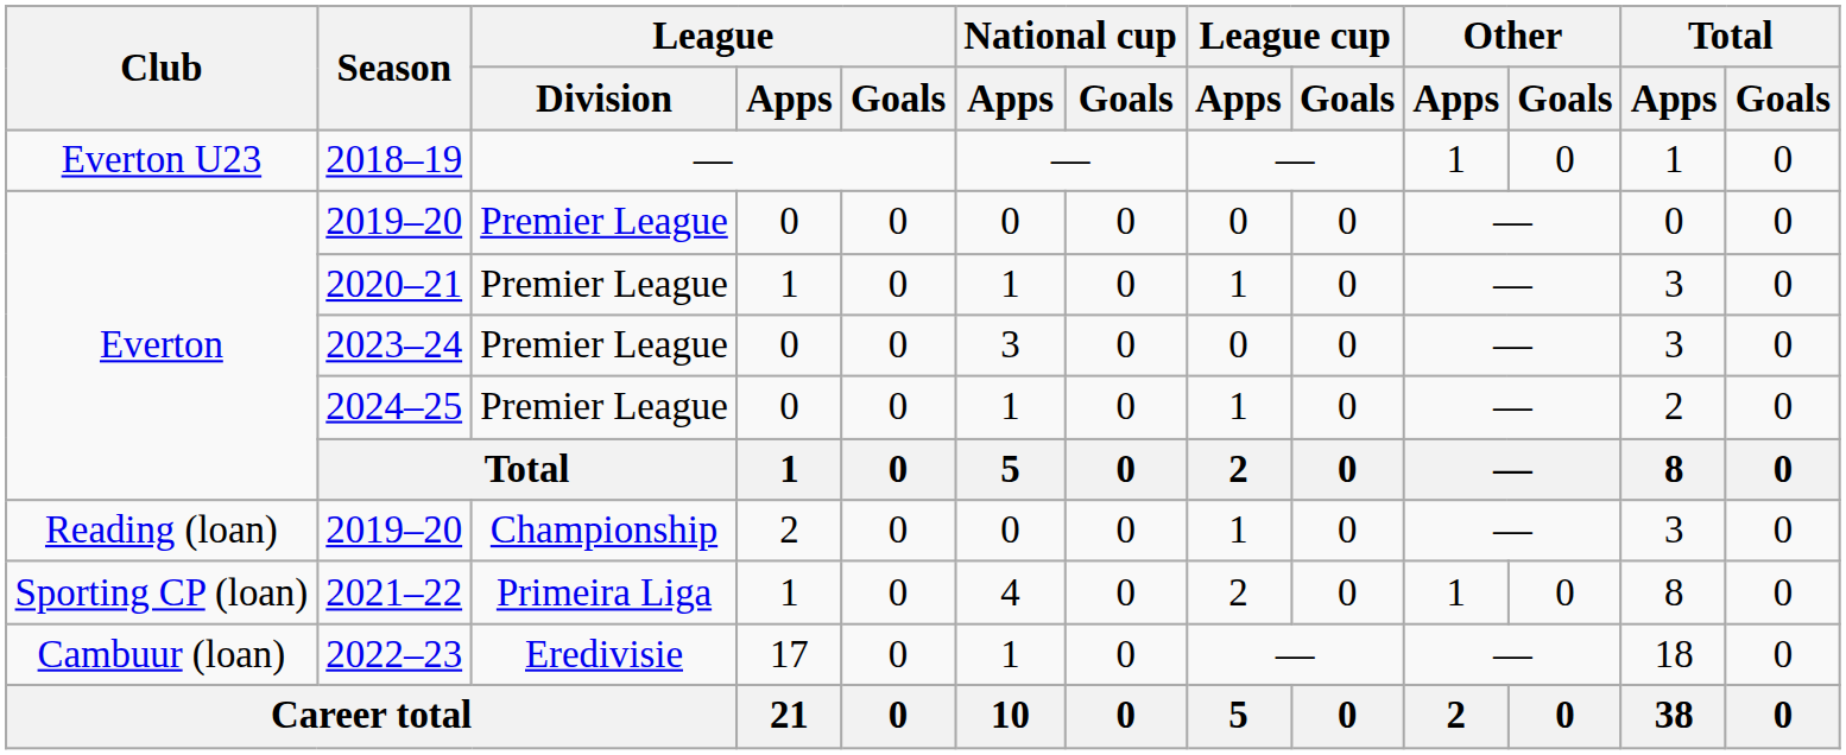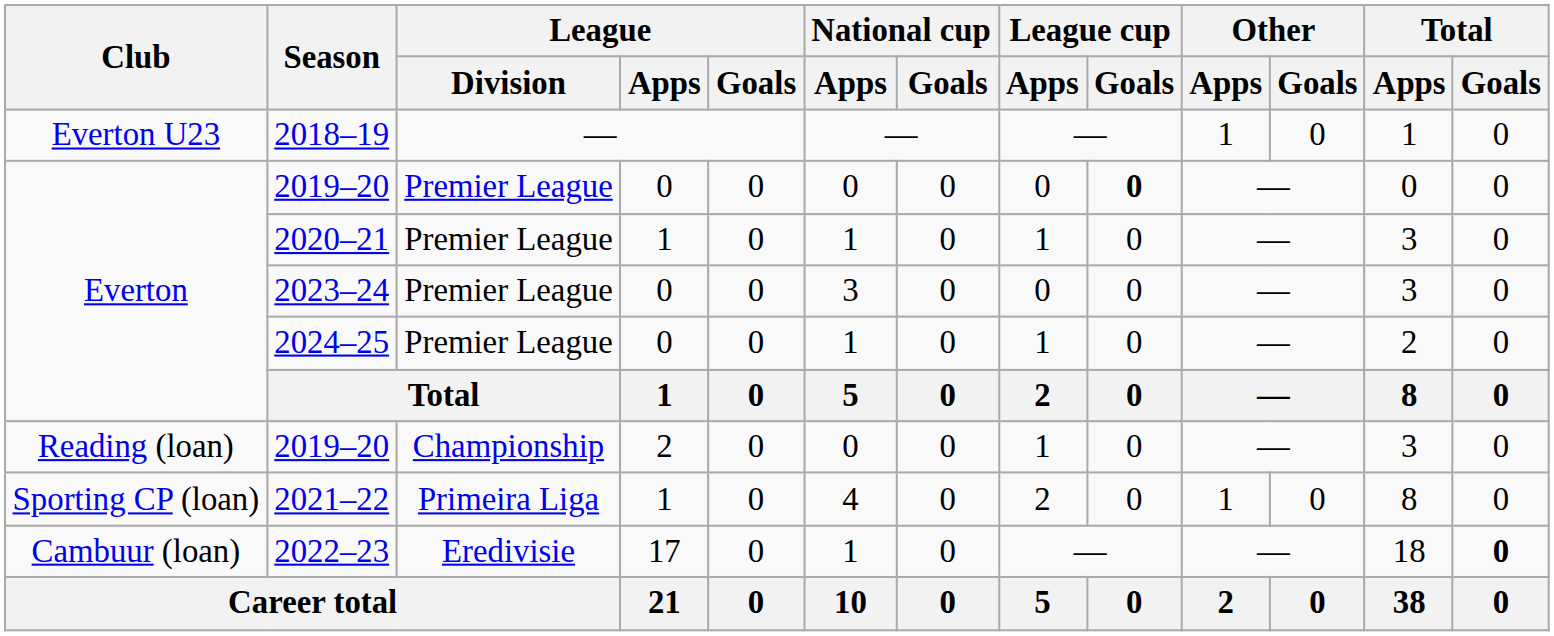 <table class="wikitable" style="text-align: center">
 <tr>
 <th rowspan="2">Club</th>
 <th rowspan="2">Season</th>
 <th colspan="3">League</th>
 <th colspan="2">National cup</th>
 <th colspan="2">League cup</th>
 <th colspan="2">Other</th>
 <th colspan="2">Total</th>
 </tr>
 <tr>
 <th>Division</th>
 <th>Apps</th>
 <th>Goals</th>
 <th>Apps</th>
 <th>Goals</th>
 <th>Apps</th>
 <th>Goals</th>
 <th>Apps</th>
 <th>Goals</th>
 <th>Apps</th>
 <th>Goals</th>
 </tr>
 <tr>
 <td><a href='#'>Everton U23</a></td>
 <td><a href='#'>2018–19</a></td>
 <td colspan="3">—</td>
 <td colspan="2">—</td>
 <td colspan="2">—</td>
 <td>1</td>
 <td>0</td>
 <td>1</td>
 <td>0</td>
 </tr>
 <tr>
 <td rowspan="5"><a href='#'>Everton</a></td>
 <td><a href='#'>2019–20</a></td>
 <td><a href='#'>Premier League</a></td>
 <td>0</td>
 <td>0</td>
 <td>0</td>
 <td>0</td>
 <td>0</td>
-<td>0</td>
+<td><strong>0</strong></td>
 <td colspan="2">—</td>
 <td>0</td>
 <td>0</td>
 </tr>
 <tr>
 <td><a href='#'>2020–21</a></td>
 <td>Premier League</td>
 <td>1</td>
 <td>0</td>
 <td>1</td>
 <td>0</td>
 <td>1</td>
 <td>0</td>
 <td colspan="2">—</td>
 <td>3</td>
 <td>0</td>
 </tr>
 <tr>
 <td><a href='#'>2023–24</a></td>
 <td>Premier League</td>
 <td>0</td>
 <td>0</td>
 <td>3</td>
 <td>0</td>
 <td>0</td>
 <td>0</td>
 <td colspan="2">—</td>
 <td>3</td>
 <td>0</td>
 </tr>
 <tr>
 <td><a href='#'>2024–25</a></td>
 <td>Premier League</td>
 <td>0</td>
 <td>0</td>
 <td>1</td>
 <td>0</td>
 <td>1</td>
 <td>0</td>
 <td colspan="2">—</td>
 <td>2</td>
 <td>0</td>
 </tr>
 <tr>
 <th colspan=2>Total</th>
 <th>1</th>
 <th>0</th>
 <th>5</th>
 <th>0</th>
 <th>2</th>
 <th>0</th>
 <th colspan="2">—</th>
 <th>8</th>
 <th>0</th>
 </tr>
 <tr>
 <td><a href='#'>Reading</a> (loan)</td>
 <td><a href='#'>2019–20</a></td>
 <td><a href='#'>Championship</a></td>
 <td>2</td>
 <td>0</td>
 <td>0</td>
 <td>0</td>
 <td>1</td>
 <td>0</td>
 <td colspan="2">—</td>
 <td>3</td>
 <td>0</td>
 </tr>
 <tr>
 <td><a href='#'>Sporting CP</a> (loan)</td>
 <td><a href='#'>2021–22</a></td>
 <td><a href='#'>Primeira Liga</a></td>
 <td>1</td>
 <td>0</td>
 <td>4</td>
 <td>0</td>
 <td>2</td>
 <td>0</td>
 <td>1</td>
 <td>0</td>
 <td>8</td>
 <td>0</td>
 </tr>
 <tr>
 <td><a href='#'>Cambuur</a> (loan)</td>
 <td><a href='#'>2022–23</a></td>
 <td><a href='#'>Eredivisie</a></td>
 <td>17</td>
 <td>0</td>
 <td>1</td>
 <td>0</td>
 <td colspan="2">—</td>
 <td colspan="2">—</td>
 <td>18</td>
-<td>0</td>
+<td><strong>0</strong></td>
 </tr>
 <tr>
 <th colspan="3">Career total</th>
 <th>21</th>
 <th>0</th>
 <th>10</th>
 <th>0</th>
 <th>5</th>
 <th>0</th>
 <th>2</th>
 <th>0</th>
 <th>38</th>
 <th>0</th>
 </tr>
 </table>
